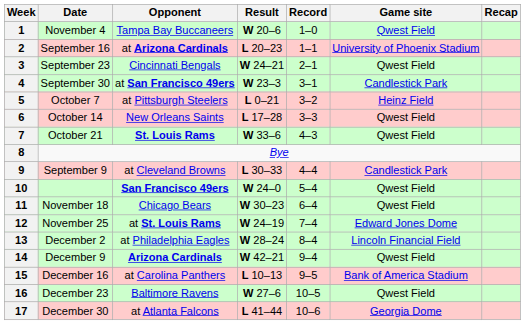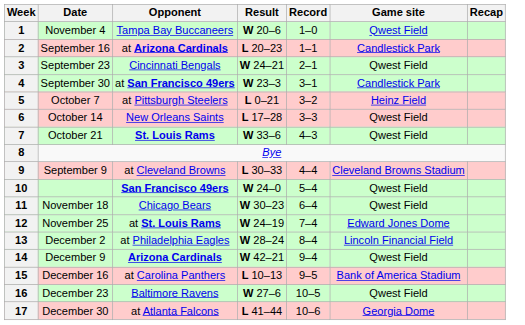 <table class="wikitable" style="text-align:center">
 <tr>
 <th>Week</th>
 <th>Date</th>
 <th>Opponent</th>
 <th>Result</th>
 <th>Record</th>
 <th>Game site</th>
 <th>Recap</th>
 </tr>
 <tr style="background:#cfc">
 <th>1</th>
 <td>November 4</td>
 <td><a href='#'>Tampa Bay Buccaneers</a></td>
 <td><strong>W</strong> 20–6</td>
 <td>1–0</td>
 <td><a href='#'>Qwest Field</a></td>
 <td></td>
 </tr>
 <tr style="background:#fcc">
 <th>2</th>
 <td>September 16</td>
 <td>at <strong><a href='#'>Arizona Cardinals</a></strong></td>
 <td><strong>L</strong> 20–23</td>
 <td>1–1</td>
-<td><a href='#'>University of Phoenix Stadium</a></td>
+<td><a href='#'>Candlestick Park</a></td>
 <td></td>
 </tr>
 <tr style="background:#cfc">
 <th>3</th>
 <td>September 23</td>
 <td><a href='#'>Cincinnati Bengals</a></td>
 <td><strong>W</strong> 24–21</td>
 <td>2–1</td>
 <td>Qwest Field</td>
 <td></td>
 </tr>
 <tr style="background:#cfc">
 <th>4</th>
 <td>September 30</td>
 <td>at <strong><a href='#'>San Francisco 49ers</a></strong></td>
 <td><strong>W</strong> 23–3</td>
 <td>3–1</td>
 <td><a href='#'>Candlestick Park</a></td>
 <td></td>
 </tr>
 <tr style="background:#fcc">
 <th>5</th>
 <td>October 7</td>
 <td>at <a href='#'>Pittsburgh Steelers</a></td>
 <td><strong>L</strong> 0–21</td>
 <td>3–2</td>
 <td><a href='#'>Heinz Field</a></td>
 <td></td>
 </tr>
 <tr style="background:#fcc">
 <th>6</th>
 <td>October 14</td>
 <td><a href='#'>New Orleans Saints</a></td>
 <td><strong>L</strong> 17–28</td>
 <td>3–3</td>
 <td>Qwest Field</td>
 <td></td>
 </tr>
 <tr style="background:#cfc">
 <th>7</th>
 <td>October 21</td>
 <td><strong><a href='#'>St. Louis Rams</a></strong></td>
 <td><strong>W</strong> 33–6</td>
 <td>4–3</td>
 <td>Qwest Field</td>
 <td></td>
 </tr>
 <tr>
 <th>8</th>
 <td colspan="6"><em><a href='#'>Bye</a></em></td>
 </tr>
 <tr style="background:#fcc">
 <th>9</th>
 <td>September 9</td>
 <td>at <a href='#'>Cleveland Browns</a></td>
 <td><strong>L</strong> 30–33 </td>
 <td>4–4</td>
-<td><a href='#'>Candlestick Park</a></td>
+<td><a href='#'>Cleveland Browns Stadium</a></td>
 <td></td>
 </tr>
 <tr style="background:#cfc">
 <th>10</th>
 <td></td>
 <td><strong><a href='#'>San Francisco 49ers</a></strong></td>
 <td><strong>W</strong> 24–0</td>
 <td>5–4</td>
 <td>Qwest Field</td>
 <td></td>
 </tr>
 <tr style="background:#cfc">
 <th>11</th>
 <td>November 18</td>
 <td><a href='#'>Chicago Bears</a></td>
 <td><strong>W</strong> 30–23</td>
 <td>6–4</td>
 <td>Qwest Field</td>
 <td></td>
 </tr>
 <tr style="background:#cfc">
 <th>12</th>
 <td>November 25</td>
 <td>at <strong><a href='#'>St. Louis Rams</a></strong></td>
 <td><strong>W</strong> 24–19</td>
 <td>7–4</td>
 <td><a href='#'>Edward Jones Dome</a></td>
 <td></td>
 </tr>
 <tr style="background:#cfc">
 <th>13</th>
 <td>December 2</td>
 <td>at <a href='#'>Philadelphia Eagles</a></td>
 <td><strong>W</strong> 28–24</td>
 <td>8–4</td>
 <td><a href='#'>Lincoln Financial Field</a></td>
 <td></td>
 </tr>
 <tr style="background:#cfc">
 <th>14</th>
 <td>December 9</td>
 <td><strong><a href='#'>Arizona Cardinals</a></strong></td>
 <td><strong>W</strong> 42–21</td>
 <td>9–4</td>
 <td>Qwest Field</td>
 <td></td>
 </tr>
 <tr style="background:#fcc">
 <th>15</th>
 <td>December 16</td>
 <td>at <a href='#'>Carolina Panthers</a></td>
 <td><strong>L</strong> 10–13</td>
 <td>9–5</td>
 <td><a href='#'>Bank of America Stadium</a></td>
 <td></td>
 </tr>
 <tr style="background:#cfc">
 <th>16</th>
 <td>December 23</td>
 <td><a href='#'>Baltimore Ravens</a></td>
 <td><strong>W</strong> 27–6</td>
 <td>10–5</td>
 <td>Qwest Field</td>
 <td></td>
 </tr>
 <tr style="background:#fcc">
 <th>17</th>
 <td>December 30</td>
 <td>at <a href='#'>Atlanta Falcons</a></td>
 <td><strong>L</strong> 41–44</td>
 <td>10–6</td>
 <td><a href='#'>Georgia Dome</a></td>
 <td></td>
 </tr>
 </table>
